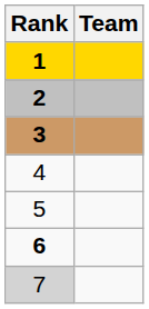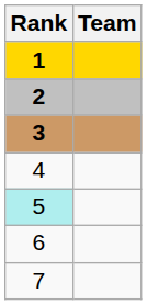 <table class="wikitable" style="text-align:center">
 <tr>
 <th>Rank</th>
 <th>Team</th>
 </tr>
 <tr bgcolor="gold">
 <td><strong>1</strong></td>
 <td align="left"></td>
 </tr>
 <tr bgcolor="silver">
 <td><strong>2</strong></td>
 <td align="left"></td>
 </tr>
 <tr bgcolor="#CC9966">
 <td><strong>3</strong></td>
 <td align="left"></td>
 </tr>
 <tr>
 <td>4</td>
 <td align="left"></td>
 </tr>
 <tr>
-<td>5</td>
+<td style="background: paleturquoise;">5</td>
 <td align="left"></td>
 </tr>
 <tr>
-<td><strong>6</strong></td>
+<td>6</td>
 <td align="left"></td>
 </tr>
 <tr>
-<td style="background: lightgrey;">7</td>
+<td>7</td>
 <td align="left"></td>
 </tr>
 </table>
